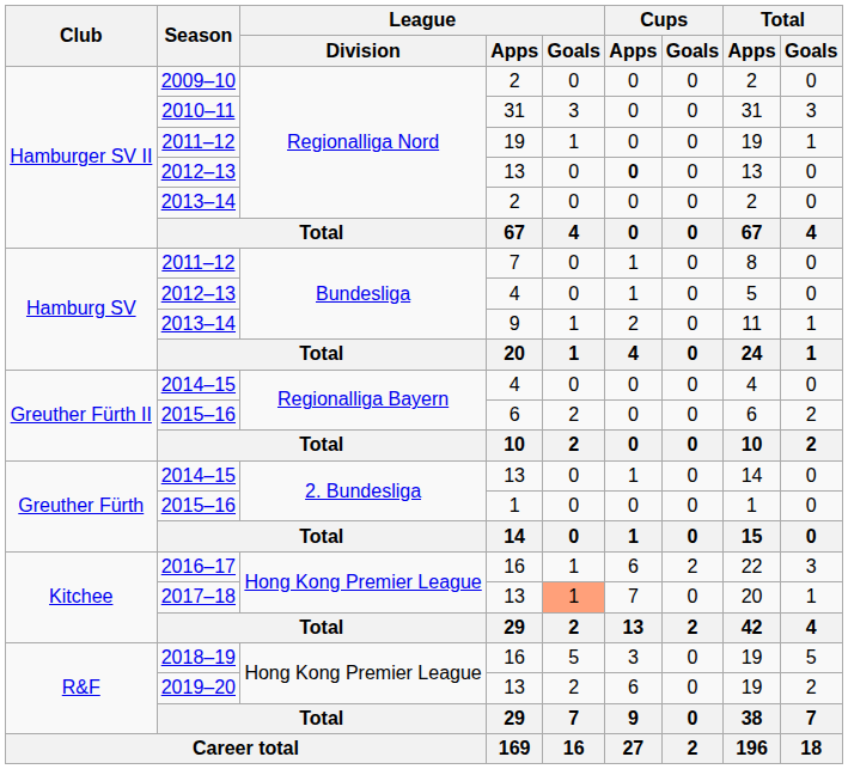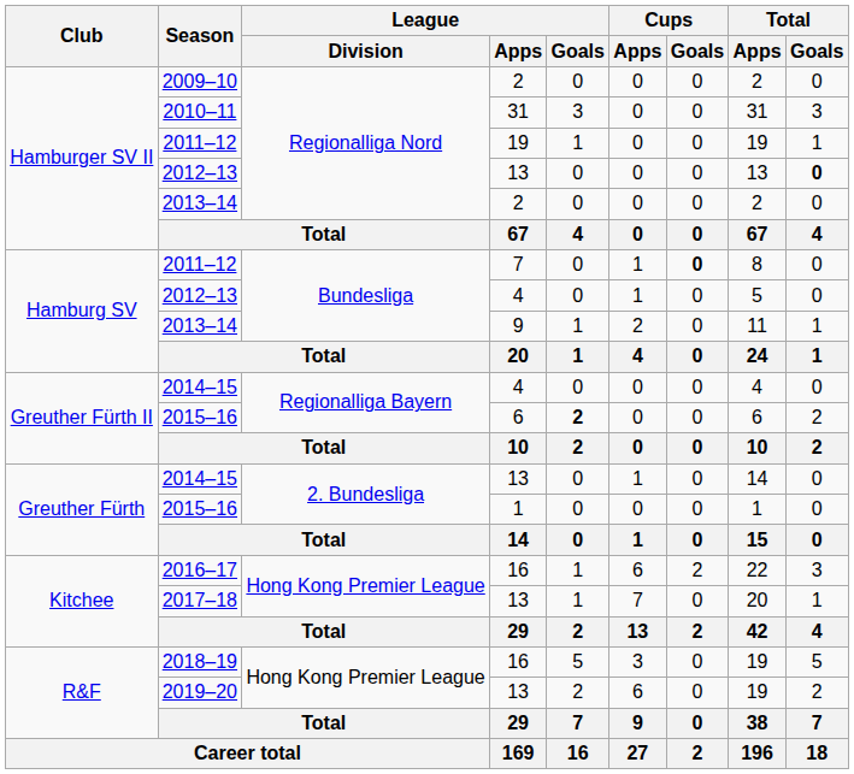 <table class="wikitable" style="text-align:center">
 <tr>
 <th rowspan="2">Club</th>
 <th rowspan="2">Season</th>
 <th colspan="3">League</th>
 <th colspan="2">Cups</th>
 <th colspan="2">Total</th>
 </tr>
 <tr>
 <th>Division</th>
 <th>Apps</th>
 <th>Goals</th>
 <th>Apps</th>
 <th>Goals</th>
 <th>Apps</th>
 <th>Goals</th>
 </tr>
 <tr>
 <td rowspan="6"><a href='#'>Hamburger SV II</a></td>
 <td><a href='#'>2009–10</a></td>
 <td rowspan="5"><a href='#'>Regionalliga Nord</a></td>
 <td>2</td>
 <td>0</td>
 <td>0</td>
 <td>0</td>
 <td>2</td>
 <td>0</td>
 </tr>
 <tr>
 <td><a href='#'>2010–11</a></td>
 <td>31</td>
 <td>3</td>
 <td>0</td>
 <td>0</td>
 <td>31</td>
 <td>3</td>
 </tr>
 <tr>
 <td><a href='#'>2011–12</a></td>
 <td>19</td>
 <td>1</td>
 <td>0</td>
 <td>0</td>
 <td>19</td>
 <td>1</td>
 </tr>
 <tr>
 <td><a href='#'>2012–13</a></td>
 <td>13</td>
 <td>0</td>
-<td><strong>0</strong></td>
+<td>0</td>
 <td>0</td>
 <td>13</td>
-<td>0</td>
+<td><strong>0</strong></td>
 </tr>
 <tr>
 <td><a href='#'>2013–14</a></td>
 <td>2</td>
 <td>0</td>
 <td>0</td>
 <td>0</td>
 <td>2</td>
 <td>0</td>
 </tr>
 <tr>
 <th colspan="2">Total</th>
 <th>67</th>
 <th>4</th>
 <th>0</th>
 <th>0</th>
 <th>67</th>
 <th>4</th>
 </tr>
 <tr>
 <td rowspan="4"><a href='#'>Hamburg SV</a></td>
 <td><a href='#'>2011–12</a></td>
 <td rowspan="3"><a href='#'>Bundesliga</a></td>
 <td>7</td>
 <td>0</td>
 <td>1</td>
-<td>0</td>
+<td><strong>0</strong></td>
 <td>8</td>
 <td>0</td>
 </tr>
 <tr>
 <td><a href='#'>2012–13</a></td>
 <td>4</td>
 <td>0</td>
 <td>1</td>
 <td>0</td>
 <td>5</td>
 <td>0</td>
 </tr>
 <tr>
 <td><a href='#'>2013–14</a></td>
 <td>9</td>
 <td>1</td>
 <td>2</td>
 <td>0</td>
 <td>11</td>
 <td>1</td>
 </tr>
 <tr>
 <th colspan="2">Total</th>
 <th>20</th>
 <th>1</th>
 <th>4</th>
 <th>0</th>
 <th>24</th>
 <th>1</th>
 </tr>
 <tr>
 <td rowspan="3"><a href='#'>Greuther Fürth II</a></td>
 <td><a href='#'>2014–15</a></td>
 <td rowspan="2"><a href='#'>Regionalliga Bayern</a></td>
 <td>4</td>
 <td>0</td>
 <td>0</td>
 <td>0</td>
 <td>4</td>
 <td>0</td>
 </tr>
 <tr>
 <td><a href='#'>2015–16</a></td>
 <td>6</td>
-<td>2</td>
+<td><strong>2</strong></td>
 <td>0</td>
 <td>0</td>
 <td>6</td>
 <td>2</td>
 </tr>
 <tr>
 <th colspan="2">Total</th>
 <th>10</th>
 <th>2</th>
 <th>0</th>
 <th>0</th>
 <th>10</th>
 <th>2</th>
 </tr>
 <tr>
 <td rowspan="3"><a href='#'>Greuther Fürth</a></td>
 <td><a href='#'>2014–15</a></td>
 <td rowspan="2"><a href='#'>2. Bundesliga</a></td>
 <td>13</td>
 <td>0</td>
 <td>1</td>
 <td>0</td>
 <td>14</td>
 <td>0</td>
 </tr>
 <tr>
 <td><a href='#'>2015–16</a></td>
 <td>1</td>
 <td>0</td>
 <td>0</td>
 <td>0</td>
 <td>1</td>
 <td>0</td>
 </tr>
 <tr>
 <th colspan="2">Total</th>
 <th>14</th>
 <th>0</th>
 <th>1</th>
 <th>0</th>
 <th>15</th>
 <th>0</th>
 </tr>
 <tr>
 <td rowspan="3"><a href='#'>Kitchee</a></td>
 <td><a href='#'>2016–17</a></td>
 <td rowspan="2"><a href='#'>Hong Kong Premier League</a></td>
 <td>16</td>
 <td>1</td>
 <td>6</td>
 <td>2</td>
 <td>22</td>
 <td>3</td>
 </tr>
 <tr>
 <td><a href='#'>2017–18</a></td>
 <td>13</td>
-<td style="background: lightsalmon;">1</td>
+<td>1</td>
 <td>7</td>
 <td>0</td>
 <td>20</td>
 <td>1</td>
 </tr>
 <tr>
 <th colspan="2">Total</th>
 <th>29</th>
 <th>2</th>
 <th>13</th>
 <th>2</th>
 <th>42</th>
 <th>4</th>
 </tr>
 <tr>
 <td rowspan="3"><a href='#'>R&F</a></td>
 <td><a href='#'>2018–19</a></td>
 <td rowspan="2">Hong Kong Premier League</td>
 <td>16</td>
 <td>5</td>
 <td>3</td>
 <td>0</td>
 <td>19</td>
 <td>5</td>
 </tr>
 <tr>
 <td><a href='#'>2019–20</a></td>
 <td>13</td>
 <td>2</td>
 <td>6</td>
 <td>0</td>
 <td>19</td>
 <td>2</td>
 </tr>
 <tr>
 <th colspan="2">Total</th>
 <th>29</th>
 <th>7</th>
 <th>9</th>
 <th>0</th>
 <th>38</th>
 <th>7</th>
 </tr>
 <tr>
 <th colspan="3">Career total</th>
 <th>169</th>
 <th>16</th>
 <th>27</th>
 <th>2</th>
 <th>196</th>
 <th>18</th>
 </tr>
 </table>
